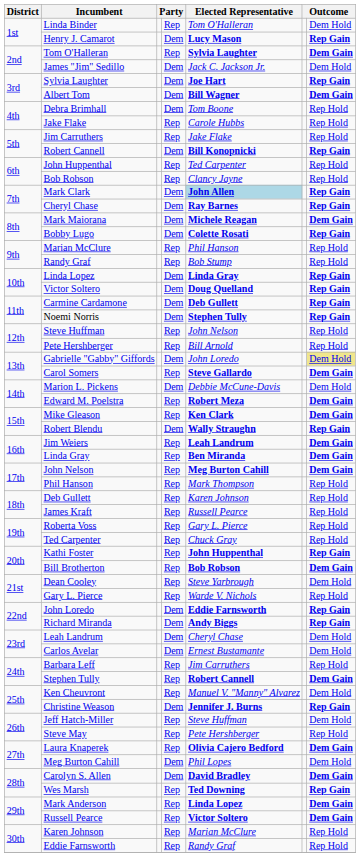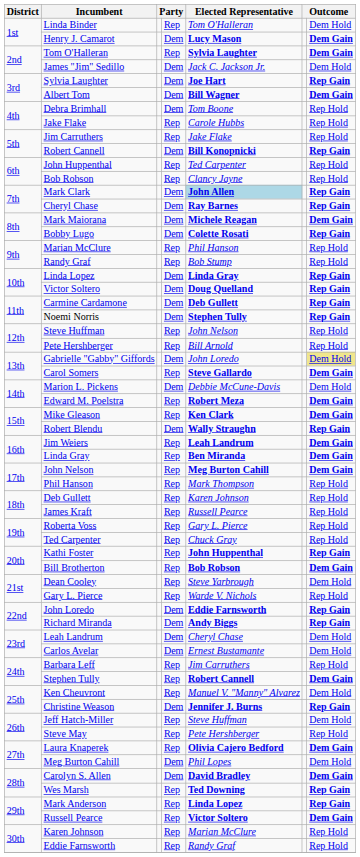 <table class="sortable wikitable" style="font-size:95%;line-height:14px;">
 <tr>
 <th>District</th>
 <th>Incumbent</th>
 <th colspan="2">Party</th>
 <th>Elected Representative</th>
 <th colspan="2">Outcome</th>
 </tr>
 <tr>
 <td rowspan="2"><a href='#'>1st</a></td>
 <td><a href='#'>Linda Binder</a></td>
 <td style="background:"></td>
 <td><a href='#'>Rep</a></td>
 <td><em><a href='#'>Tom O'Halleran</a></em></td>
 <td style="background:"></td>
 <td><a href='#'>Dem Hold</a></td>
 </tr>
 <tr>
 <td><a href='#'>Henry J. Camarot</a></td>
 <td style="background:"></td>
 <td><a href='#'>Dem</a></td>
 <td><strong><a href='#'>Lucy Mason</a></strong></td>
 <td style="background:"></td>
-<td><strong><a href='#'>Rep Gain</a></strong></td>
+<td><strong><a href='#'>Dem Gain</a></strong></td>
 </tr>
 <tr>
 <td rowspan="2"><a href='#'>2nd</a></td>
 <td><a href='#'>Tom O'Halleran</a></td>
 <td style="background:"></td>
 <td><a href='#'>Rep</a></td>
 <td><strong><a href='#'>Sylvia Laughter</a></strong></td>
 <td style="background:"></td>
 <td><strong><a href='#'>Dem Gain</a></strong></td>
 </tr>
 <tr>
 <td><a href='#'>James "Jim" Sedillo</a></td>
 <td style="background:"></td>
 <td><a href='#'>Dem</a></td>
 <td><em><a href='#'>Jack C. Jackson Jr.</a></em></td>
 <td style="background:"></td>
 <td><a href='#'>Dem Hold</a></td>
 </tr>
 <tr>
 <td rowspan="2"><a href='#'>3rd</a></td>
 <td><a href='#'>Sylvia Laughter</a></td>
 <td style="background:"></td>
 <td><a href='#'>Dem</a></td>
 <td><strong><a href='#'>Joe Hart</a></strong></td>
 <td style="background:"></td>
 <td><strong><a href='#'>Rep Gain</a></strong></td>
 </tr>
 <tr>
 <td><a href='#'>Albert Tom</a></td>
 <td style="background:"></td>
 <td><a href='#'>Dem</a></td>
 <td><strong><a href='#'>Bill Wagner</a></strong></td>
 <td style="background:"></td>
 <td><strong><a href='#'>Dem Gain</a></strong></td>
 </tr>
 <tr>
 <td rowspan="2"><a href='#'>4th</a></td>
 <td><a href='#'>Debra Brimhall</a></td>
 <td style="background:"></td>
 <td><a href='#'>Dem</a></td>
 <td><em><a href='#'>Tom Boone</a></em></td>
 <td style="background:"></td>
 <td><a href='#'>Rep Hold</a></td>
 </tr>
 <tr>
 <td><a href='#'>Jake Flake</a></td>
 <td style="background:"></td>
 <td><a href='#'>Rep</a></td>
 <td><em><a href='#'>Carole Hubbs</a></em></td>
 <td style="background:"></td>
 <td><a href='#'>Rep Hold</a></td>
 </tr>
 <tr>
 <td rowspan="2"><a href='#'>5th</a></td>
 <td><a href='#'>Jim Carruthers</a></td>
 <td style="background:"></td>
 <td><a href='#'>Rep</a></td>
 <td><em><a href='#'>Jake Flake</a></em></td>
 <td style="background:"></td>
 <td><a href='#'>Rep Hold</a></td>
 </tr>
 <tr>
 <td><a href='#'>Robert Cannell</a></td>
 <td style="background:"></td>
 <td><a href='#'>Dem</a></td>
 <td><strong><a href='#'>Bill Konopnicki</a></strong></td>
 <td style="background:"></td>
 <td><strong><a href='#'>Rep Gain</a></strong></td>
 </tr>
 <tr>
 <td rowspan="2"><a href='#'>6th</a></td>
 <td><a href='#'>John Huppenthal</a></td>
 <td style="background:"></td>
 <td><a href='#'>Rep</a></td>
 <td><em><a href='#'>Ted Carpenter</a></em></td>
 <td style="background:"></td>
 <td><a href='#'>Rep Hold</a></td>
 </tr>
 <tr>
 <td><a href='#'>Bob Robson</a></td>
 <td style="background:"></td>
 <td><a href='#'>Rep</a></td>
 <td><em><a href='#'>Clancy Jayne</a></em></td>
 <td style="background:"></td>
 <td><a href='#'>Rep Hold</a></td>
 </tr>
 <tr>
 <td rowspan="2"><a href='#'>7th</a></td>
 <td><a href='#'>Mark Clark</a></td>
 <td style="background:"></td>
 <td><a href='#'>Dem</a></td>
 <td style="background: lightblue;"><strong><a href='#'>John Allen</a></strong></td>
 <td style="background:"></td>
 <td><strong><a href='#'>Rep Gain</a></strong></td>
 </tr>
 <tr>
 <td><a href='#'>Cheryl Chase</a></td>
 <td style="background:"></td>
 <td><a href='#'>Dem</a></td>
 <td><strong><a href='#'>Ray Barnes</a></strong></td>
 <td style="background:"></td>
 <td><strong><a href='#'>Rep Gain</a></strong></td>
 </tr>
 <tr>
 <td rowspan="2"><a href='#'>8th</a></td>
 <td><a href='#'>Mark Maiorana</a></td>
 <td style="background:"></td>
 <td><a href='#'>Dem</a></td>
 <td><strong><a href='#'>Michele Reagan</a></strong></td>
 <td style="background:"></td>
 <td><strong><a href='#'>Dem Gain</a></strong></td>
 </tr>
 <tr>
 <td><a href='#'>Bobby Lugo</a></td>
 <td style="background:"></td>
 <td><a href='#'>Dem</a></td>
 <td><strong><a href='#'>Colette Rosati</a></strong></td>
 <td style="background:"></td>
 <td><strong><a href='#'>Rep Gain</a></strong></td>
 </tr>
 <tr>
 <td rowspan="2"><a href='#'>9th</a></td>
 <td><a href='#'>Marian McClure</a></td>
 <td style="background:"></td>
 <td><a href='#'>Rep</a></td>
 <td><em><a href='#'>Phil Hanson</a></em></td>
 <td style="background:"></td>
 <td><a href='#'>Rep Hold</a></td>
 </tr>
 <tr>
 <td><a href='#'>Randy Graf</a></td>
 <td style="background:"></td>
 <td><a href='#'>Rep</a></td>
 <td><em><a href='#'>Bob Stump</a></em></td>
 <td style="background:"></td>
 <td><a href='#'>Rep Hold</a></td>
 </tr>
 <tr>
 <td rowspan="2"><a href='#'>10th</a></td>
 <td><a href='#'>Linda Lopez</a></td>
 <td style="background:"></td>
 <td><a href='#'>Dem</a></td>
 <td><strong><a href='#'>Linda Gray</a></strong></td>
 <td style="background:"></td>
 <td><strong><a href='#'>Rep Gain</a></strong></td>
 </tr>
 <tr>
 <td><a href='#'>Victor Soltero</a></td>
 <td style="background:"></td>
 <td><a href='#'>Dem</a></td>
 <td><strong><a href='#'>Doug Quelland</a></strong></td>
 <td style="background:"></td>
 <td><strong><a href='#'>Rep Gain</a></strong></td>
 </tr>
 <tr>
 <td rowspan="2"><a href='#'>11th</a></td>
 <td><a href='#'>Carmine Cardamone</a></td>
 <td style="background:"></td>
 <td><a href='#'>Dem</a></td>
 <td><strong><a href='#'>Deb Gullett</a></strong></td>
 <td style="background:"></td>
 <td><strong><a href='#'>Rep Gain</a></strong></td>
 </tr>
 <tr>
 <td>Noemi Norris</td>
 <td style="background:"></td>
 <td><a href='#'>Dem</a></td>
 <td><strong><a href='#'>Stephen Tully</a></strong></td>
 <td style="background:"></td>
 <td><strong><a href='#'>Rep Gain</a></strong></td>
 </tr>
 <tr>
 <td rowspan="2"><a href='#'>12th</a></td>
 <td><a href='#'>Steve Huffman</a></td>
 <td style="background:"></td>
 <td><a href='#'>Rep</a></td>
 <td><em><a href='#'>John Nelson</a></em></td>
 <td style="background:"></td>
 <td><a href='#'>Rep Hold</a></td>
 </tr>
 <tr>
 <td><a href='#'>Pete Hershberger</a></td>
 <td style="background:"></td>
 <td><a href='#'>Rep</a></td>
 <td><em><a href='#'>Bill Arnold</a></em></td>
 <td style="background:"></td>
 <td><a href='#'>Rep Hold</a></td>
 </tr>
 <tr>
 <td rowspan="2"><a href='#'>13th</a></td>
 <td><a href='#'>Gabrielle "Gabby" Giffords</a></td>
 <td style="background:"></td>
 <td><a href='#'>Dem</a></td>
 <td><em><a href='#'>John Loredo</a></em></td>
 <td style="background:"></td>
 <td style="background: khaki;"><a href='#'>Dem Hold</a></td>
 </tr>
 <tr>
 <td><a href='#'>Carol Somers</a></td>
 <td style="background:"></td>
 <td><a href='#'>Rep</a></td>
 <td><strong><a href='#'>Steve Gallardo</a></strong></td>
 <td style="background:"></td>
 <td><strong><a href='#'>Dem Gain</a></strong></td>
 </tr>
 <tr>
 <td rowspan="2"><a href='#'>14th</a></td>
 <td><a href='#'>Marion L. Pickens</a></td>
 <td style="background:"></td>
 <td><a href='#'>Dem</a></td>
 <td><em><a href='#'>Debbie McCune-Davis</a></em></td>
 <td style="background:"></td>
 <td><a href='#'>Dem Hold</a></td>
 </tr>
 <tr>
 <td><a href='#'>Edward M. Poelstra</a></td>
 <td style="background:"></td>
 <td><a href='#'>Rep</a></td>
 <td><strong><a href='#'>Robert Meza</a></strong></td>
 <td style="background:"></td>
 <td><strong><a href='#'>Dem Gain</a></strong></td>
 </tr>
 <tr>
 <td rowspan="2"><a href='#'>15th</a></td>
 <td><a href='#'>Mike Gleason</a></td>
 <td style="background:"></td>
 <td><a href='#'>Rep</a></td>
 <td><strong><a href='#'>Ken Clark</a></strong></td>
 <td style="background:"></td>
 <td><strong><a href='#'>Dem Gain</a></strong></td>
 </tr>
 <tr>
 <td><a href='#'>Robert Blendu</a></td>
 <td style="background:"></td>
 <td><a href='#'>Dem</a></td>
 <td><strong><a href='#'>Wally Straughn</a></strong></td>
 <td style="background:"></td>
 <td><strong><a href='#'>Rep Gain</a></strong></td>
 </tr>
 <tr>
 <td rowspan="2"><a href='#'>16th</a></td>
 <td><a href='#'>Jim Weiers</a></td>
 <td style="background:"></td>
 <td><a href='#'>Rep</a></td>
 <td><strong><a href='#'>Leah Landrum</a></strong></td>
 <td style="background:"></td>
 <td><strong><a href='#'>Dem Gain</a></strong></td>
 </tr>
 <tr>
 <td><a href='#'>Linda Gray</a></td>
 <td style="background:"></td>
 <td><a href='#'>Rep</a></td>
 <td><strong><a href='#'>Ben Miranda</a></strong></td>
 <td style="background:"></td>
 <td><strong><a href='#'>Dem Gain</a></strong></td>
 </tr>
 <tr>
 <td rowspan="2"><a href='#'>17th</a></td>
 <td><a href='#'>John Nelson</a></td>
 <td style="background:"></td>
 <td><a href='#'>Rep</a></td>
 <td><strong><a href='#'>Meg Burton Cahill</a></strong></td>
 <td style="background:"></td>
 <td><strong><a href='#'>Dem Gain</a></strong></td>
 </tr>
 <tr>
 <td><a href='#'>Phil Hanson</a></td>
 <td style="background:"></td>
 <td><a href='#'>Rep</a></td>
 <td><em><a href='#'>Mark Thompson</a></em></td>
 <td style="background:"></td>
 <td><a href='#'>Rep Hold</a></td>
 </tr>
 <tr>
 <td rowspan="2"><a href='#'>18th</a></td>
 <td><a href='#'>Deb Gullett</a></td>
 <td style="background:"></td>
 <td><a href='#'>Rep</a></td>
 <td><em><a href='#'>Karen Johnson</a></em></td>
 <td style="background:"></td>
 <td><a href='#'>Rep Hold</a></td>
 </tr>
 <tr>
 <td><a href='#'>James Kraft</a></td>
 <td style="background:"></td>
 <td><a href='#'>Rep</a></td>
 <td><em><a href='#'>Russell Pearce</a></em></td>
 <td style="background:"></td>
 <td><a href='#'>Rep Hold</a></td>
 </tr>
 <tr>
 <td rowspan="2"><a href='#'>19th</a></td>
 <td><a href='#'>Roberta Voss</a></td>
 <td style="background:"></td>
 <td><a href='#'>Rep</a></td>
 <td><em><a href='#'>Gary L. Pierce</a></em></td>
 <td style="background:"></td>
 <td><a href='#'>Rep Hold</a></td>
 </tr>
 <tr>
 <td><a href='#'>Ted Carpenter</a></td>
 <td style="background:"></td>
 <td><a href='#'>Rep</a></td>
 <td><em><a href='#'>Chuck Gray</a></em></td>
 <td style="background:"></td>
 <td><a href='#'>Rep Hold</a></td>
 </tr>
 <tr>
 <td rowspan="2"><a href='#'>20th</a></td>
 <td><a href='#'>Kathi Foster</a></td>
 <td style="background:"></td>
 <td><a href='#'>Rep</a></td>
 <td><strong><a href='#'>John Huppenthal</a></strong></td>
 <td style="background:"></td>
 <td><strong><a href='#'>Rep Gain</a></strong></td>
 </tr>
 <tr>
 <td><a href='#'>Bill Brotherton</a></td>
 <td style="background:"></td>
 <td><a href='#'>Rep</a></td>
 <td><strong><a href='#'>Bob Robson</a></strong></td>
 <td style="background:"></td>
 <td><strong><a href='#'>Dem Gain</a></strong></td>
 </tr>
 <tr>
 <td rowspan="2"><a href='#'>21st</a></td>
 <td><a href='#'>Dean Cooley</a></td>
 <td style="background:"></td>
 <td><a href='#'>Rep</a></td>
 <td><em><a href='#'>Steve Yarbrough</a></em></td>
 <td style="background:"></td>
 <td><a href='#'>Dem Hold</a></td>
 </tr>
 <tr>
 <td><a href='#'>Gary L. Pierce</a></td>
 <td style="background:"></td>
 <td><a href='#'>Rep</a></td>
 <td><em><a href='#'>Warde V. Nichols</a></em></td>
 <td style="background:"></td>
 <td><a href='#'>Rep Hold</a></td>
 </tr>
 <tr>
 <td rowspan="2"><a href='#'>22nd</a></td>
 <td><a href='#'>John Loredo</a></td>
 <td style="background:"></td>
 <td><a href='#'>Dem</a></td>
 <td><strong><a href='#'>Eddie Farnsworth</a></strong></td>
 <td style="background:"></td>
 <td><strong><a href='#'>Rep Gain</a></strong></td>
 </tr>
 <tr>
 <td><a href='#'>Richard Miranda</a></td>
 <td style="background:"></td>
 <td><a href='#'>Dem</a></td>
 <td><strong><a href='#'>Andy Biggs</a></strong></td>
 <td style="background:"></td>
 <td><strong><a href='#'>Rep Gain</a></strong></td>
 </tr>
 <tr>
 <td rowspan="2"><a href='#'>23rd</a></td>
 <td><a href='#'>Leah Landrum</a></td>
 <td style="background:"></td>
 <td><a href='#'>Dem</a></td>
 <td><em><a href='#'>Cheryl Chase</a></em></td>
 <td style="background:"></td>
 <td><a href='#'>Dem Hold</a></td>
 </tr>
 <tr>
 <td><a href='#'>Carlos Avelar</a></td>
 <td style="background:"></td>
 <td><a href='#'>Dem</a></td>
 <td><em><a href='#'>Ernest Bustamante</a></em></td>
 <td style="background:"></td>
 <td><a href='#'>Dem Hold</a></td>
 </tr>
 <tr>
 <td rowspan="2"><a href='#'>24th</a></td>
 <td><a href='#'>Barbara Leff</a></td>
 <td style="background:"></td>
 <td><a href='#'>Rep</a></td>
 <td><em><a href='#'>Jim Carruthers</a></em></td>
 <td style="background:"></td>
 <td><a href='#'>Rep Hold</a></td>
 </tr>
 <tr>
 <td><a href='#'>Stephen Tully</a></td>
 <td style="background:"></td>
 <td><a href='#'>Rep</a></td>
 <td><strong><a href='#'>Robert Cannell</a></strong></td>
 <td style="background:"></td>
 <td><strong><a href='#'>Dem Gain</a></strong></td>
 </tr>
 <tr>
 <td rowspan="2"><a href='#'>25th</a></td>
 <td><a href='#'>Ken Cheuvront</a></td>
 <td style="background:"></td>
 <td><a href='#'>Rep</a></td>
 <td><em><a href='#'>Manuel V. "Manny" Alvarez</a></em></td>
 <td style="background:"></td>
 <td><a href='#'>Dem Hold</a></td>
 </tr>
 <tr>
 <td><a href='#'>Christine Weason</a></td>
 <td style="background:"></td>
 <td><a href='#'>Dem</a></td>
 <td><strong><a href='#'>Jennifer J. Burns</a></strong></td>
 <td style="background:"></td>
 <td><strong><a href='#'>Rep Gain</a></strong></td>
 </tr>
 <tr>
 <td rowspan="2"><a href='#'>26th</a></td>
 <td><a href='#'>Jeff Hatch-Miller</a></td>
 <td style="background:"></td>
 <td><a href='#'>Rep</a></td>
 <td><em><a href='#'>Steve Huffman</a></em></td>
 <td style="background:"></td>
 <td><a href='#'>Dem Hold</a></td>
 </tr>
 <tr>
 <td><a href='#'>Steve May</a></td>
 <td style="background:"></td>
 <td><a href='#'>Rep</a></td>
 <td><em><a href='#'>Pete Hershberger</a></em></td>
 <td style="background:"></td>
 <td><a href='#'>Rep Hold</a></td>
 </tr>
 <tr>
 <td rowspan="2"><a href='#'>27th</a></td>
 <td><a href='#'>Laura Knaperek</a></td>
 <td style="background:"></td>
 <td><a href='#'>Rep</a></td>
 <td><strong><a href='#'>Olivia Cajero Bedford</a></strong></td>
 <td style="background:"></td>
 <td><strong><a href='#'>Dem Gain</a></strong></td>
 </tr>
 <tr>
 <td><a href='#'>Meg Burton Cahill</a></td>
 <td style="background:"></td>
 <td><a href='#'>Dem</a></td>
 <td><em><a href='#'>Phil Lopes</a></em></td>
 <td style="background:"></td>
 <td><a href='#'>Dem Hold</a></td>
 </tr>
 <tr>
 <td rowspan="2"><a href='#'>28th</a></td>
 <td><a href='#'>Carolyn S. Allen</a></td>
 <td style="background:"></td>
 <td><a href='#'>Dem</a></td>
 <td><strong><a href='#'>David Bradley</a></strong></td>
 <td style="background:"></td>
 <td><strong><a href='#'>Dem Gain</a></strong></td>
 </tr>
 <tr>
 <td><a href='#'>Wes Marsh</a></td>
 <td style="background:"></td>
 <td><a href='#'>Rep</a></td>
 <td><strong><a href='#'>Ted Downing</a></strong></td>
 <td style="background:"></td>
 <td><strong><a href='#'>Rep Gain</a></strong></td>
 </tr>
 <tr>
 <td rowspan="2"><a href='#'>29th</a></td>
 <td><a href='#'>Mark Anderson</a></td>
 <td style="background:"></td>
 <td><a href='#'>Rep</a></td>
 <td><strong><a href='#'>Linda Lopez</a></strong></td>
 <td style="background:"></td>
-<td><strong><a href='#'>Dem Gain</a></strong></td>
+<td><strong><a href='#'>Rep Gain</a></strong></td>
 </tr>
 <tr>
 <td><a href='#'>Russell Pearce</a></td>
 <td style="background:"></td>
 <td><a href='#'>Rep</a></td>
 <td><strong><a href='#'>Victor Soltero</a></strong></td>
 <td style="background:"></td>
 <td><strong><a href='#'>Dem Gain</a></strong></td>
 </tr>
 <tr>
 <td rowspan="2"><a href='#'>30th</a></td>
 <td><a href='#'>Karen Johnson</a></td>
 <td style="background:"></td>
 <td><a href='#'>Rep</a></td>
 <td><em><a href='#'>Marian McClure</a></em></td>
 <td style="background:"></td>
 <td><a href='#'>Rep Hold</a></td>
 </tr>
 <tr>
 <td><a href='#'>Eddie Farnsworth</a></td>
 <td style="background:"></td>
 <td><a href='#'>Rep</a></td>
 <td><em><a href='#'>Randy Graf</a></em></td>
 <td style="background:"></td>
 <td><a href='#'>Rep Hold</a></td>
 </tr>
 <tr>
 </tr>
 </table>
